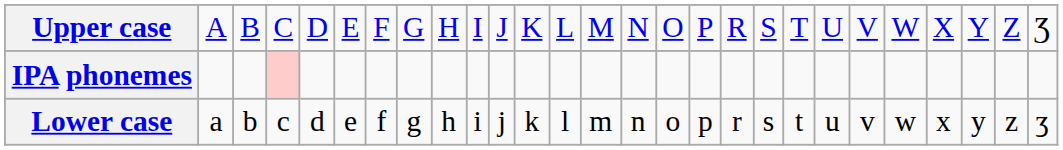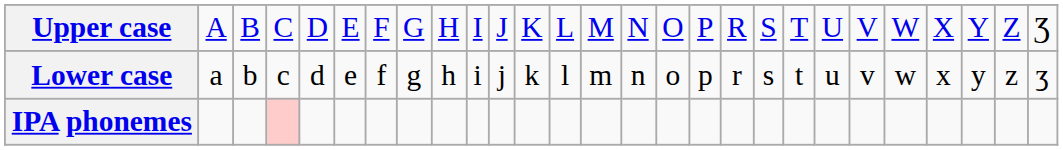 <table class="wikitable" style="text-align:center; table-layout:fixed">
 <tr>
 <th><a href='#'>Upper case</a></th>
 <td><a href='#'>A</a></td>
 <td><a href='#'>B</a></td>
 <td><a href='#'>C</a></td>
 <td><a href='#'>D</a></td>
 <td><a href='#'>E</a></td>
 <td><a href='#'>F</a></td>
 <td><a href='#'>G</a></td>
 <td><a href='#'>H</a></td>
 <td><a href='#'>I</a></td>
 <td><a href='#'>J</a></td>
 <td><a href='#'>K</a></td>
 <td><a href='#'>L</a></td>
 <td><a href='#'>M</a></td>
 <td><a href='#'>N</a></td>
 <td><a href='#'>O</a></td>
 <td><a href='#'>P</a></td>
 <td><a href='#'>R</a></td>
 <td><a href='#'>S</a></td>
 <td><a href='#'>T</a></td>
 <td><a href='#'>U</a></td>
 <td><a href='#'>V</a></td>
 <td><a href='#'>W</a></td>
 <td><a href='#'>X</a></td>
 <td><a href='#'>Y</a></td>
 <td><a href='#'>Z</a></td>
 <td>Ʒ</td>
 </tr>
 <tr>
+<th><a href='#'>Lower case</a></th>
+<td>a</td>
+<td>b</td>
+<td>c</td>
+<td>d</td>
+<td>e</td>
+<td>f</td>
+<td>g</td>
+<td>h</td>
+<td>i</td>
+<td>j</td>
+<td>k</td>
+<td>l</td>
+<td>m</td>
+<td>n</td>
+<td>o</td>
+<td>p</td>
+<td>r</td>
+<td>s</td>
+<td>t</td>
+<td>u</td>
+<td>v</td>
+<td>w</td>
+<td>x</td>
+<td>y</td>
+<td>z</td>
+<td>ʒ</td>
+</tr>
+<tr>
 <th><a href='#'>IPA</a> <a href='#'>phonemes</a></th>
 <td></td>
 <td></td>
 <td style="background-color:#fcc"></td>
 <td></td>
 <td></td>
 <td></td>
 <td></td>
 <td></td>
 <td></td>
 <td></td>
 <td></td>
 <td></td>
 <td></td>
 <td></td>
 <td></td>
 <td></td>
 <td></td>
 <td></td>
 <td></td>
 <td></td>
 <td></td>
 <td></td>
 <td></td>
 <td></td>
 <td></td>
 <td></td>
 </tr>
-<tr>
-<th><a href='#'>Lower case</a></th>
-<td>a</td>
-<td>b</td>
-<td>c</td>
-<td>d</td>
-<td>e</td>
-<td>f</td>
-<td>g</td>
-<td>h</td>
-<td>i</td>
-<td>j</td>
-<td>k</td>
-<td>l</td>
-<td>m</td>
-<td>n</td>
-<td>o</td>
-<td>p</td>
-<td>r</td>
-<td>s</td>
-<td>t</td>
-<td>u</td>
-<td>v</td>
-<td>w</td>
-<td>x</td>
-<td>y</td>
-<td>z</td>
-<td>ʒ</td>
-</tr>
 </table>
